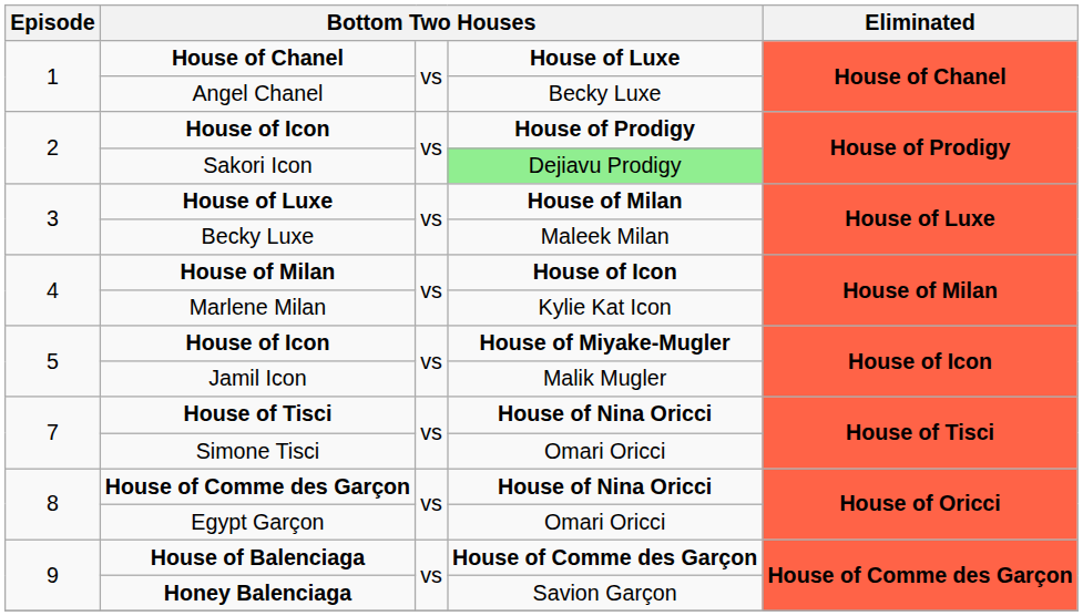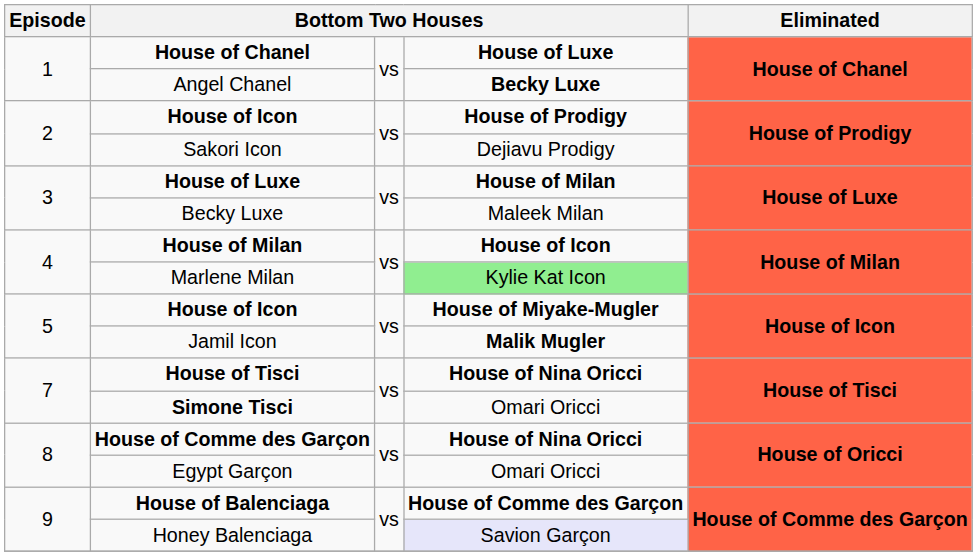 <table class="wikitable" border="2" style="text-align: center; font-size: 96%;">
 <tr>
 <th>Episode</th>
 <th colspan="3">Bottom Two Houses</th>
 <th>Eliminated</th>
 </tr>
 <tr>
 <td rowspan="2">1</td>
 <td><strong>House of Chanel</strong></td>
 <td rowspan="2">vs</td>
 <td><strong>House of Luxe</strong></td>
 <td rowspan="2" bgcolor="tomato"><strong>House of Chanel</strong></td>
 </tr>
 <tr>
 <td>Angel Chanel</td>
-<td>Becky Luxe</td>
+<td><strong>Becky Luxe</strong></td>
 </tr>
 <tr>
 <td rowspan="2">2</td>
 <td><strong>House of Icon</strong></td>
 <td rowspan="2">vs</td>
 <td><strong>House of Prodigy</strong></td>
 <td rowspan="2" bgcolor="tomato"><strong>House of Prodigy</strong></td>
 </tr>
 <tr>
 <td>Sakori Icon</td>
-<td style="background: lightgreen;">Dejiavu Prodigy</td>
+<td>Dejiavu Prodigy</td>
 </tr>
 <tr>
 <td rowspan="2">3</td>
 <td><strong>House of Luxe</strong></td>
 <td rowspan="2">vs</td>
 <td><strong>House of Milan</strong></td>
 <td rowspan="2" bgcolor="tomato"><strong>House of Luxe</strong></td>
 </tr>
 <tr>
 <td>Becky Luxe</td>
 <td>Maleek Milan</td>
 </tr>
 <tr>
 <td rowspan="2">4</td>
 <td><strong>House of Milan</strong></td>
 <td rowspan="2">vs</td>
 <td><strong>House of Icon</strong></td>
 <td rowspan="2" bgcolor="tomato"><strong>House of Milan</strong></td>
 </tr>
 <tr>
 <td>Marlene Milan</td>
-<td>Kylie Kat Icon</td>
+<td style="background: lightgreen;">Kylie Kat Icon</td>
 </tr>
 <tr>
 <td rowspan="2">5</td>
 <td><strong>House of Icon</strong></td>
 <td rowspan="2">vs</td>
 <td><strong>House of Miyake-Mugler</strong></td>
 <td rowspan="2" bgcolor="tomato"><strong>House of Icon</strong></td>
 </tr>
 <tr>
 <td>Jamil Icon</td>
-<td>Malik Mugler</td>
+<td><strong>Malik Mugler</strong></td>
 </tr>
 <tr>
 <td rowspan="2">7</td>
 <td><strong>House of Tisci</strong></td>
 <td rowspan="2">vs</td>
 <td><strong>House of Nina Oricci</strong></td>
 <td rowspan="2" bgcolor="tomato"><strong>House of Tisci</strong></td>
 </tr>
 <tr>
-<td>Simone Tisci</td>
+<td><strong>Simone Tisci</strong></td>
 <td>Omari Oricci</td>
 </tr>
 <tr>
 <td rowspan="2">8</td>
 <td><strong>House of Comme des Garçon</strong></td>
 <td rowspan="2">vs</td>
 <td><strong>House of Nina Oricci</strong></td>
 <td rowspan="2" bgcolor="tomato"><strong>House of Oricci</strong></td>
 </tr>
 <tr>
 <td>Egypt Garçon</td>
 <td>Omari Oricci</td>
 </tr>
 <tr>
 <td rowspan="2">9</td>
 <td><strong>House of Balenciaga</strong></td>
 <td rowspan="2">vs</td>
 <td><strong>House of Comme des Garçon</strong></td>
 <td rowspan="2" bgcolor="tomato"><strong>House of Comme des Garçon</strong></td>
 </tr>
 <tr>
-<td><strong>Honey Balenciaga</strong></td>
-<td>Savion Garçon</td>
+<td>Honey Balenciaga</td>
+<td style="background: lavender;">Savion Garçon</td>
 </tr>
 <tr>
 </tr>
 </table>
